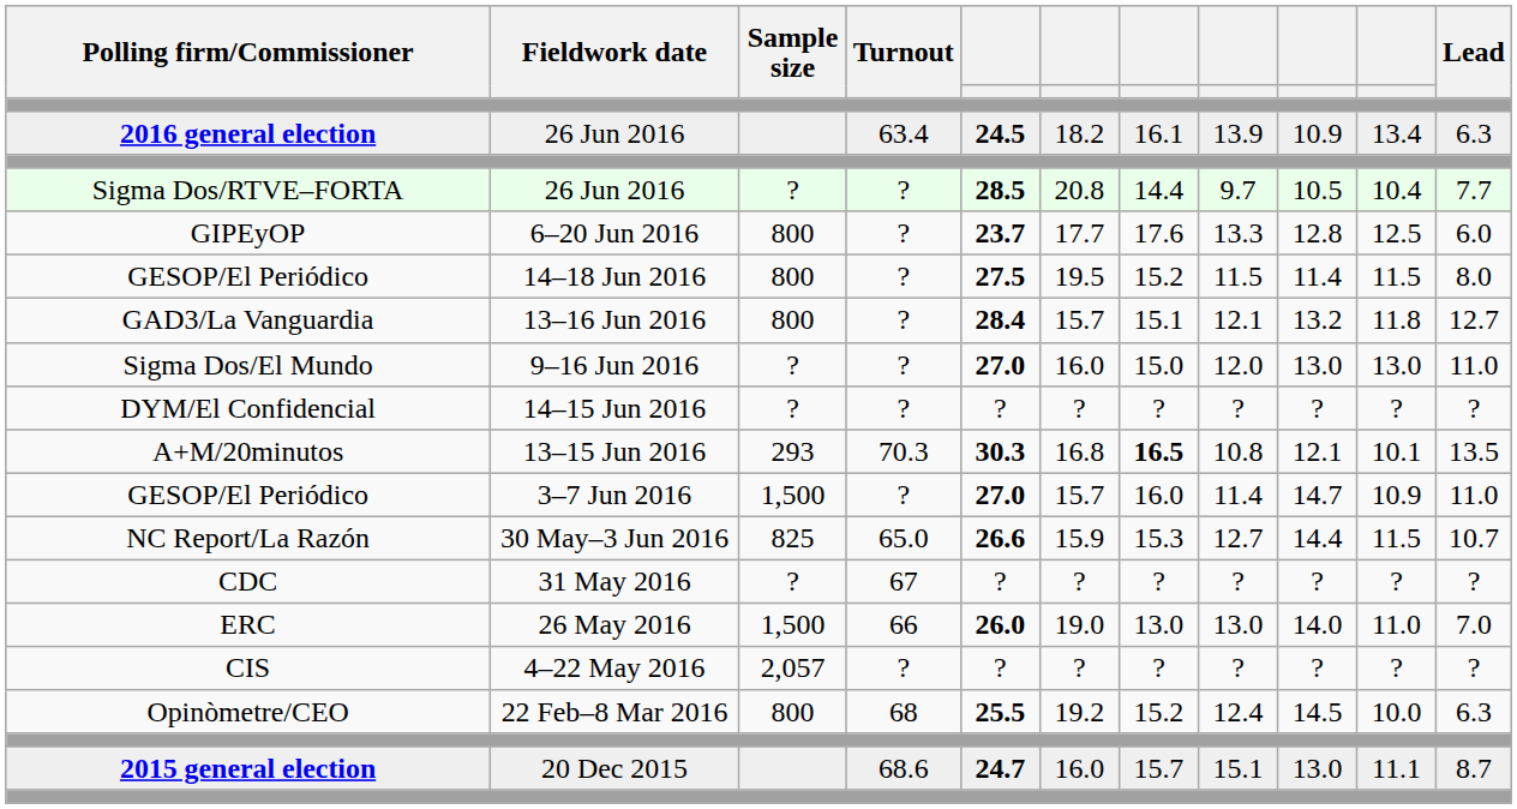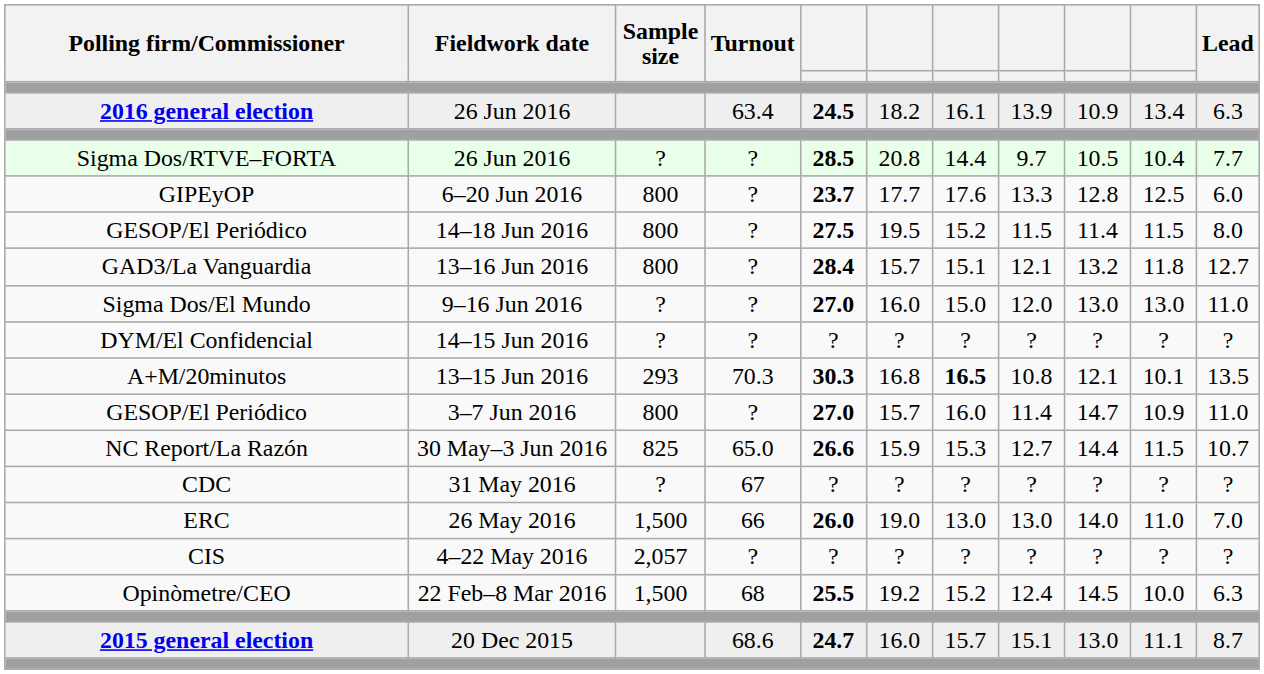 <table class="wikitable collapsible collapsed" style="text-align:center; font-size:95%; line-height:16px;">
 <tr style="height:42px; background-color:#E9E9E9">
 <th style="width:250px;" rowspan="2">Polling firm/Commissioner</th>
 <th style="width:125px;" rowspan="2">Fieldwork date</th>
 <th style="width:50px;" rowspan="2">Sample size</th>
 <th style="width:45px;" rowspan="2">Turnout</th>
 <th style="width:35px;"></th>
 <th style="width:35px;"></th>
 <th style="width:35px;"></th>
 <th style="width:35px;"><br></th>
 <th style="width:35px;"></th>
 <th style="width:35px;"></th>
 <th style="width:30px;" rowspan="2">Lead</th>
 </tr>
 <tr>
 <th style="color:inherit;background:"></th>
 <th style="color:inherit;background:"></th>
 <th style="color:inherit;background:"></th>
 <th style="color:inherit;background:"></th>
 <th style="color:inherit;background:"></th>
 <th style="color:inherit;background:"></th>
 </tr>
 <tr>
 <td colspan="12" style="background:#A0A0A0"></td>
 </tr>
 <tr style="background:#EFEFEF;">
 <td><strong><a href='#'>2016 general election</a></strong></td>
 <td>26 Jun 2016</td>
 <td></td>
 <td>63.4</td>
 <td><strong>24.5</strong><br></td>
 <td>18.2<br></td>
 <td>16.1<br></td>
 <td>13.9<br></td>
 <td>10.9<br></td>
 <td>13.4<br></td>
 <td style="background:">6.3</td>
 </tr>
 <tr>
 <td colspan="12" style="background:#A0A0A0"></td>
 </tr>
 <tr style="background:#EAFFEA;">
 <td>Sigma Dos/RTVE–FORTA</td>
 <td>26 Jun 2016</td>
 <td>?</td>
 <td>?</td>
 <td><strong>28.5</strong><br></td>
 <td>20.8<br></td>
 <td>14.4<br></td>
 <td>9.7<br></td>
 <td>10.5<br></td>
 <td>10.4<br></td>
 <td style="background:">7.7</td>
 </tr>
 <tr>
 <td>GIPEyOP</td>
 <td>6–20 Jun 2016</td>
 <td>800</td>
 <td>?</td>
 <td><strong>23.7</strong><br></td>
 <td>17.7<br></td>
 <td>17.6<br></td>
 <td>13.3<br></td>
 <td>12.8<br></td>
 <td>12.5<br></td>
 <td style="background:">6.0</td>
 </tr>
 <tr>
 <td>GESOP/El Periódico</td>
 <td>14–18 Jun 2016</td>
 <td>800</td>
 <td>?</td>
 <td><strong>27.5</strong><br></td>
 <td>19.5<br></td>
 <td>15.2<br></td>
 <td>11.5<br></td>
 <td>11.4<br></td>
 <td>11.5<br></td>
 <td style="background:">8.0</td>
 </tr>
 <tr>
 <td>GAD3/La Vanguardia</td>
 <td>13–16 Jun 2016</td>
 <td>800</td>
 <td>?</td>
 <td><strong>28.4</strong><br></td>
 <td>15.7<br></td>
 <td>15.1<br></td>
 <td>12.1<br></td>
 <td>13.2<br></td>
 <td>11.8<br></td>
 <td style="background:">12.7</td>
 </tr>
 <tr>
 <td>Sigma Dos/El Mundo</td>
 <td>9–16 Jun 2016</td>
 <td>?</td>
 <td>?</td>
 <td><strong>27.0</strong><br></td>
 <td>16.0<br></td>
 <td>15.0<br></td>
 <td>12.0<br></td>
 <td>13.0<br></td>
 <td>13.0<br></td>
 <td style="background:">11.0</td>
 </tr>
 <tr>
 <td>DYM/El Confidencial</td>
 <td>14–15 Jun 2016</td>
 <td>?</td>
 <td>?</td>
 <td>?<br></td>
 <td>?<br></td>
 <td>?<br></td>
 <td>?<br></td>
 <td>?<br></td>
 <td>?<br></td>
 <td style="background:">?</td>
 </tr>
 <tr>
 <td>A+M/20minutos</td>
 <td>13–15 Jun 2016</td>
 <td>293</td>
 <td>70.3</td>
 <td><strong>30.3</strong><br></td>
 <td>16.8<br></td>
 <td><strong>16.5<br></strong></td>
 <td>10.8<br></td>
 <td>12.1<br></td>
 <td>10.1<br></td>
 <td style="background:">13.5</td>
 </tr>
 <tr>
 <td>GESOP/El Periódico</td>
 <td>3–7 Jun 2016</td>
-<td>1,500</td>
+<td>800</td>
 <td>?</td>
 <td><strong>27.0</strong><br></td>
 <td>15.7<br></td>
 <td>16.0<br></td>
 <td>11.4<br></td>
 <td>14.7<br></td>
 <td>10.9<br></td>
 <td style="background:">11.0</td>
 </tr>
 <tr>
 <td>NC Report/La Razón</td>
 <td>30 May–3 Jun 2016</td>
 <td>825</td>
 <td>65.0</td>
 <td><strong>26.6</strong><br></td>
 <td>15.9<br></td>
 <td>15.3<br></td>
 <td>12.7<br></td>
 <td>14.4<br></td>
 <td>11.5<br></td>
 <td style="background:">10.7</td>
 </tr>
 <tr>
 <td>CDC</td>
 <td>31 May 2016</td>
 <td>?</td>
 <td>67</td>
 <td>?<br></td>
 <td>?<br></td>
 <td>?<br></td>
 <td>?<br></td>
 <td>?<br></td>
 <td>?<br></td>
 <td style="background:">?</td>
 </tr>
 <tr>
 <td>ERC</td>
 <td>26 May 2016</td>
 <td>1,500</td>
 <td>66</td>
 <td><strong>26.0</strong><br></td>
 <td>19.0<br></td>
 <td>13.0<br></td>
 <td>13.0<br></td>
 <td>14.0<br></td>
 <td>11.0<br></td>
 <td style="background:">7.0</td>
 </tr>
 <tr>
 <td>CIS</td>
 <td>4–22 May 2016</td>
 <td>2,057</td>
 <td>?</td>
 <td>?<br></td>
 <td>?<br></td>
 <td>?<br></td>
 <td>?<br></td>
 <td>?<br></td>
 <td>?<br></td>
 <td style="background:">?</td>
 </tr>
 <tr>
 <td>Opinòmetre/CEO</td>
 <td>22 Feb–8 Mar 2016</td>
-<td>800</td>
+<td>1,500</td>
 <td>68</td>
 <td><strong>25.5</strong><br></td>
 <td>19.2<br></td>
 <td>15.2<br></td>
 <td>12.4<br></td>
 <td>14.5<br></td>
 <td>10.0<br></td>
 <td style="background:">6.3</td>
 </tr>
 <tr>
 <td colspan="12" style="background:#A0A0A0"></td>
 </tr>
 <tr style="background:#EFEFEF;">
 <td><strong><a href='#'>2015 general election</a></strong></td>
 <td>20 Dec 2015</td>
 <td></td>
 <td>68.6</td>
 <td><strong>24.7</strong><br></td>
 <td>16.0<br></td>
 <td>15.7<br></td>
 <td>15.1<br></td>
 <td>13.0<br></td>
 <td>11.1<br></td>
 <td style="background:">8.7</td>
 </tr>
 <tr>
 <td colspan="12" style="background:#A0A0A0"></td>
 </tr>
 </table>
